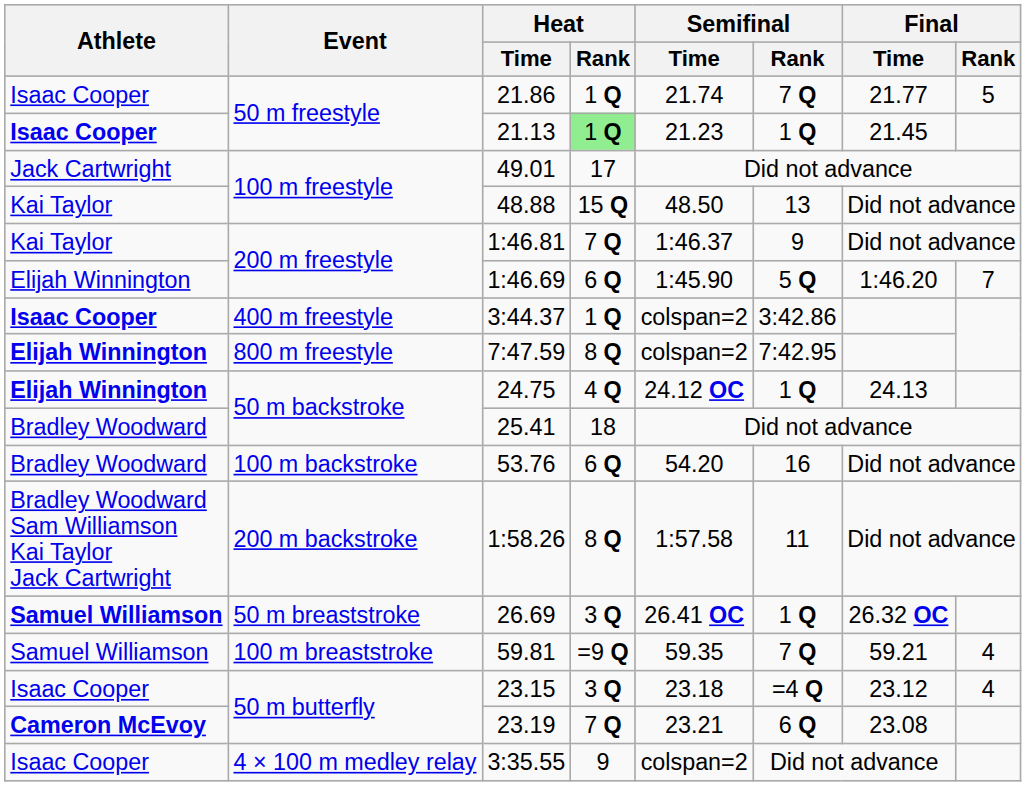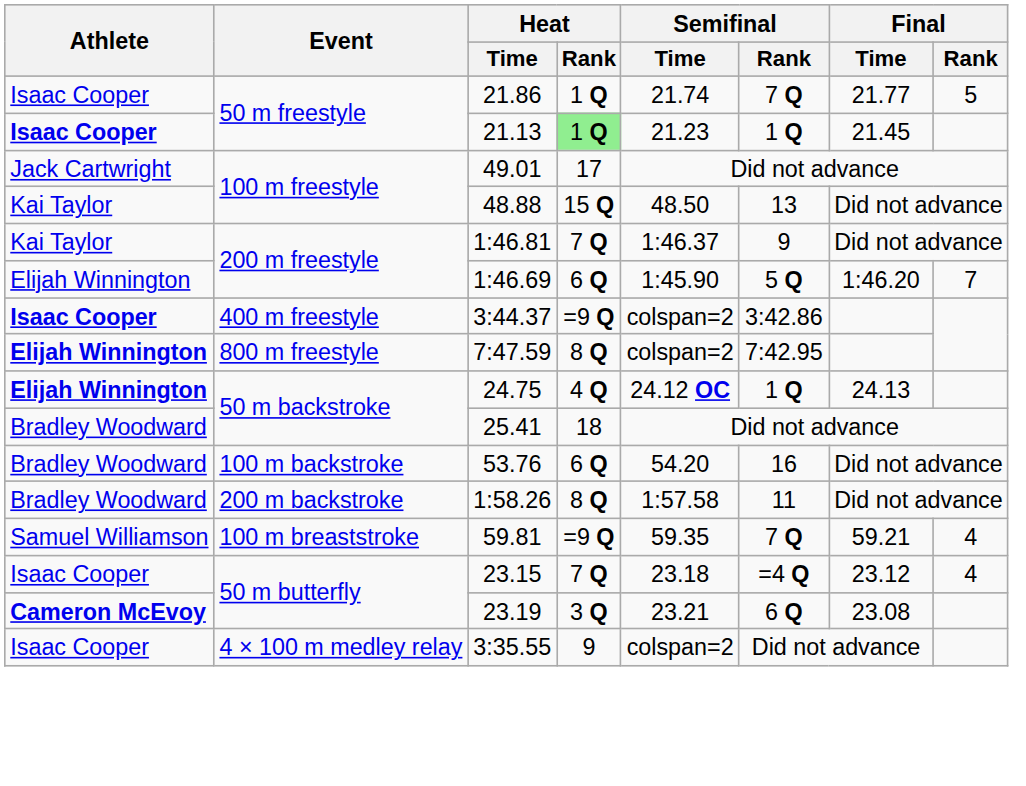 <table class="wikitable" style="text-align:center; font-size:90%">
 <tr>
 <th rowspan="2">Athlete</th>
 <th rowspan="2">Event</th>
 <th colspan="2">Heat</th>
 <th colspan="2">Semifinal</th>
 <th colspan="2">Final</th>
 </tr>
 <tr style="font-size:95%">
 <th>Time</th>
 <th>Rank</th>
 <th>Time</th>
 <th>Rank</th>
 <th>Time</th>
 <th>Rank</th>
 </tr>
 <tr>
 <td align=left><a href='#'>Isaac Cooper</a></td>
 <td align=left rowspan=2><a href='#'>50 m freestyle</a></td>
 <td>21.86</td>
 <td>1 <strong>Q</strong></td>
 <td>21.74</td>
 <td>7 <strong>Q</strong></td>
 <td>21.77</td>
 <td>5</td>
 </tr>
 <tr>
 <td align="left"><strong><a href='#'>Isaac Cooper</a></strong></td>
 <td>21.13</td>
 <td style="background: lightgreen;">1 <strong>Q</strong></td>
 <td>21.23</td>
 <td>1 <strong>Q</strong></td>
 <td>21.45</td>
 <td></td>
 </tr>
 <tr>
 <td align=left><a href='#'>Jack Cartwright</a></td>
 <td align=left rowspan=2><a href='#'>100 m freestyle</a></td>
 <td>49.01</td>
 <td>17</td>
 <td colspan="4">Did not advance</td>
 </tr>
 <tr>
 <td align=left><a href='#'>Kai Taylor</a></td>
 <td>48.88</td>
 <td>15 <strong>Q</strong></td>
 <td>48.50</td>
 <td>13</td>
 <td colspan="2">Did not advance</td>
 </tr>
 <tr>
 <td align=left><a href='#'>Kai Taylor</a></td>
 <td align=left rowspan=2><a href='#'>200 m freestyle</a></td>
 <td>1:46.81</td>
 <td>7 <strong>Q</strong></td>
 <td>1:46.37</td>
 <td>9</td>
 <td colspan="2">Did not advance</td>
 </tr>
 <tr>
 <td align=left><a href='#'>Elijah Winnington</a></td>
 <td>1:46.69</td>
 <td>6 <strong>Q</strong></td>
 <td>1:45.90</td>
 <td>5 <strong>Q</strong></td>
 <td>1:46.20</td>
 <td>7</td>
 </tr>
 <tr>
 <td align="left"><strong><a href='#'>Isaac Cooper</a></strong></td>
 <td align="left"><a href='#'>400 m freestyle</a></td>
 <td>3:44.37</td>
-<td>1 <strong>Q</strong></td>
+<td>=9 <strong>Q</strong></td>
 <td>colspan=2 </td>
 <td>3:42.86</td>
 <td></td>
 </tr>
 <tr>
 <td align="left"><strong><a href='#'>Elijah Winnington</a></strong></td>
 <td align="left"><a href='#'>800 m freestyle</a></td>
 <td>7:47.59</td>
 <td>8 <strong>Q</strong></td>
 <td>colspan=2 </td>
 <td>7:42.95</td>
 <td></td>
 </tr>
 <tr>
 <td align=left><strong><a href='#'>Elijah Winnington</a></strong></td>
 <td rowspan="2" align="left"><a href='#'>50 m backstroke</a></td>
 <td>24.75</td>
 <td>4 <strong>Q</strong></td>
 <td>24.12 <strong><a href='#'>OC</a></strong></td>
 <td>1 <strong>Q</strong></td>
 <td>24.13</td>
 <td></td>
 </tr>
 <tr>
 <td align="left"><a href='#'>Bradley Woodward</a></td>
 <td>25.41</td>
 <td>18</td>
 <td colspan="4">Did not advance</td>
 </tr>
 <tr>
 <td align="left"><a href='#'>Bradley Woodward</a></td>
 <td align="left"><a href='#'>100 m backstroke</a></td>
 <td>53.76</td>
 <td>6 <strong>Q</strong></td>
 <td>54.20</td>
 <td>16</td>
 <td colspan="2">Did not advance</td>
 </tr>
 <tr>
-<td align="left"><a href='#'>Bradley Woodward</a><br><a href='#'>Sam Williamson</a><br><a href='#'>Kai Taylor</a><br><a href='#'>Jack Cartwright</a></td>
+<td align="left"><a href='#'>Bradley Woodward</a></td>
 <td align="left"><a href='#'>200 m backstroke</a></td>
 <td>1:58.26</td>
 <td>8 <strong>Q</strong></td>
 <td>1:57.58</td>
 <td>11</td>
 <td colspan="2">Did not advance</td>
-</tr>
-<tr>
-<td align="left"><strong><a href='#'>Samuel Williamson</a></strong></td>
-<td align="left"><a href='#'>50 m breaststroke</a></td>
-<td>26.69</td>
-<td>3 <strong>Q</strong></td>
-<td>26.41 <strong><a href='#'>OC</a></strong></td>
-<td>1 <strong>Q</strong></td>
-<td>26.32 <strong><a href='#'>OC</a></strong></td>
-<td></td>
 </tr>
 <tr>
 <td align="left"><a href='#'>Samuel Williamson</a></td>
 <td align="left"><a href='#'>100 m breaststroke</a></td>
 <td>59.81</td>
 <td>=9 <strong>Q</strong></td>
 <td>59.35</td>
 <td>7 <strong>Q</strong></td>
 <td>59.21</td>
 <td>4</td>
 </tr>
 <tr>
 <td align="left"><a href='#'>Isaac Cooper</a></td>
 <td rowspan="2" align="left"><a href='#'>50 m butterfly</a></td>
 <td>23.15</td>
-<td>3 <strong>Q</strong></td>
+<td>7 <strong>Q</strong></td>
 <td>23.18</td>
 <td>=4 <strong>Q</strong></td>
 <td>23.12</td>
 <td>4</td>
 </tr>
 <tr>
 <td align="left"><strong><a href='#'>Cameron McEvoy</a></strong></td>
 <td>23.19</td>
-<td>7 <strong>Q</strong></td>
+<td>3 <strong>Q</strong></td>
 <td>23.21</td>
 <td>6 <strong>Q</strong></td>
 <td>23.08</td>
 <td></td>
 </tr>
 <tr>
 <td align="left"><a href='#'>Isaac Cooper</a></td>
 <td align="left"><a href='#'>4 × 100 m medley relay</a></td>
 <td>3:35.55</td>
 <td>9</td>
 <td>colspan=2 </td>
 <td colspan="2">Did not advance</td>
 </tr>
 </table>
